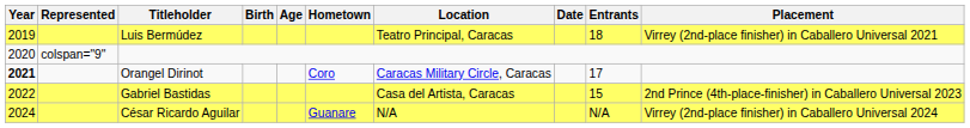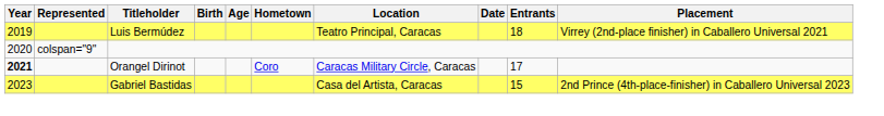 <table class="wikitable sortable" style="margin: 0 1em 0 0; background: #f9f9f9; border: 1px #aaa solid; border-collapse: collapse; font-size: 94%;">
 <tr>
 <th>Year</th>
 <th>Represented</th>
 <th>Titleholder</th>
 <th>Birth</th>
 <th>Age</th>
 <th>Hometown</th>
 <th>Location</th>
 <th>Date</th>
 <th>Entrants</th>
 <th>Placement</th>
 </tr>
 <tr style="background-color:#FFFF66;">
 <td>2019</td>
 <td></td>
 <td>Luis Bermúdez</td>
 <td></td>
 <td></td>
 <td></td>
 <td>Teatro Principal, Caracas</td>
 <td></td>
 <td>18</td>
 <td>Virrey (2nd-place finisher) in Caballero Universal 2021</td>
 </tr>
 <tr>
 <td>2020</td>
 <td>colspan="9"  </td>
 </tr>
 <tr>
 <td><strong>2021</strong></td>
 <td></td>
 <td>Orangel Dirinot</td>
 <td></td>
 <td></td>
 <td><a href='#'>Coro</a></td>
 <td><a href='#'>Caracas Military Circle</a>, Caracas</td>
 <td></td>
 <td>17</td>
 <td></td>
 </tr>
 <tr style="background-color:#FFFF66;">
-<td>2022</td>
+<td>2023</td>
 <td></td>
 <td>Gabriel Bastidas</td>
 <td></td>
 <td></td>
 <td></td>
 <td>Casa del Artista, Caracas</td>
 <td></td>
 <td>15</td>
 <td>2nd Prince (4th-place-finisher) in Caballero Universal 2023</td>
 </tr>
-<tr style="background-color:#FFFF66;">
-<td>2024</td>
-<td></td>
-<td>César Ricardo Aguilar</td>
-<td></td>
-<td></td>
-<td><a href='#'>Guanare</a></td>
-<td>N/A</td>
-<td></td>
-<td>N/A</td>
-<td>Virrey (2nd-place finisher) in Caballero Universal 2024</td>
-</tr>
 </table>
